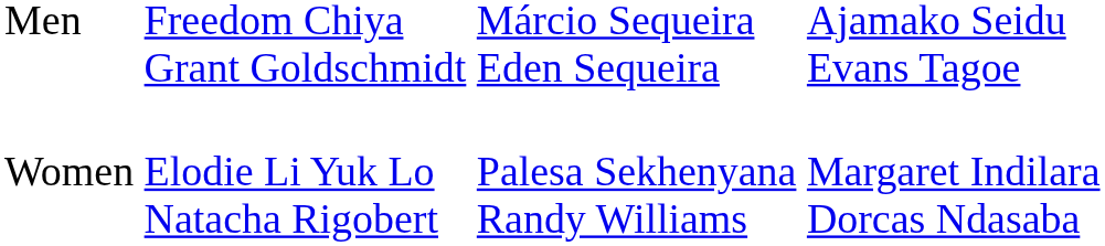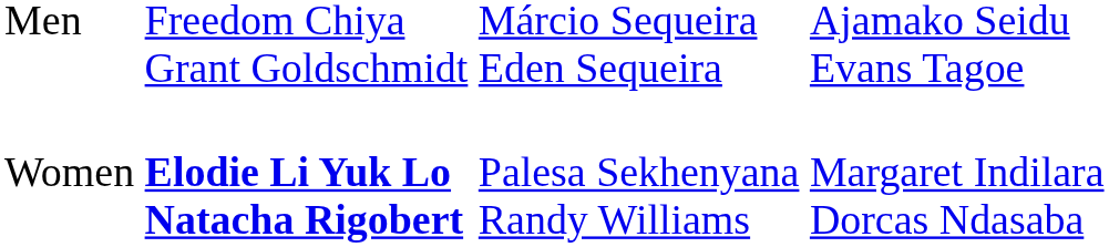 <table>
 <tr>
 <td>Men</td>
 <td align="left"><br><a href='#'>Freedom Chiya</a><br><a href='#'>Grant Goldschmidt</a></td>
 <td align="left"><br><a href='#'>Márcio Sequeira</a><br><a href='#'>Eden Sequeira</a></td>
 <td align="left"><br><a href='#'>Ajamako Seidu</a><br><a href='#'>Evans Tagoe</a></td>
 </tr>
 <tr>
 <td>Women</td>
-<td align="left"><br><a href='#'>Elodie Li Yuk Lo</a><br><a href='#'>Natacha Rigobert</a></td>
+<td align="left"><strong><br><a href='#'>Elodie Li Yuk Lo</a><br><a href='#'>Natacha Rigobert</a></strong></td>
 <td align="left"><br><a href='#'>Palesa Sekhenyana</a><br><a href='#'>Randy Williams</a></td>
 <td align="left"><br><a href='#'>Margaret Indilara</a><br><a href='#'>Dorcas Ndasaba</a></td>
 </tr>
 </table>
